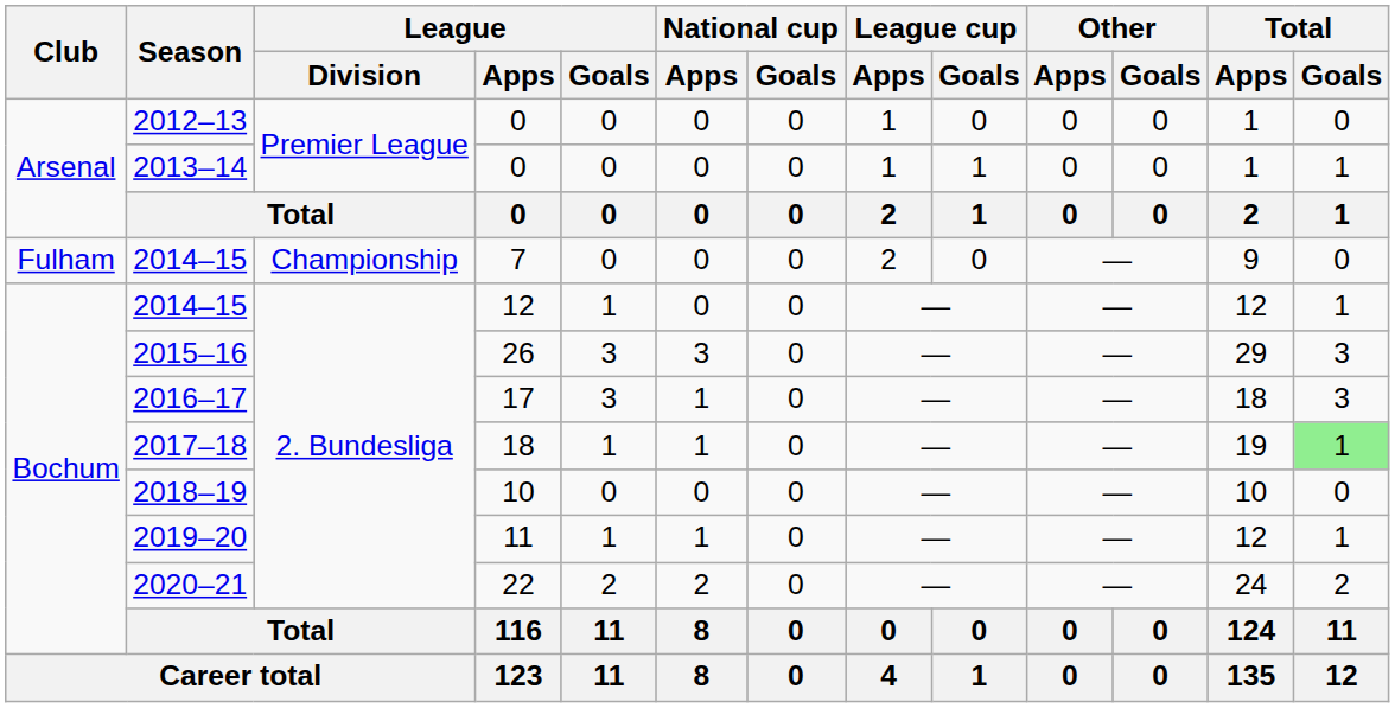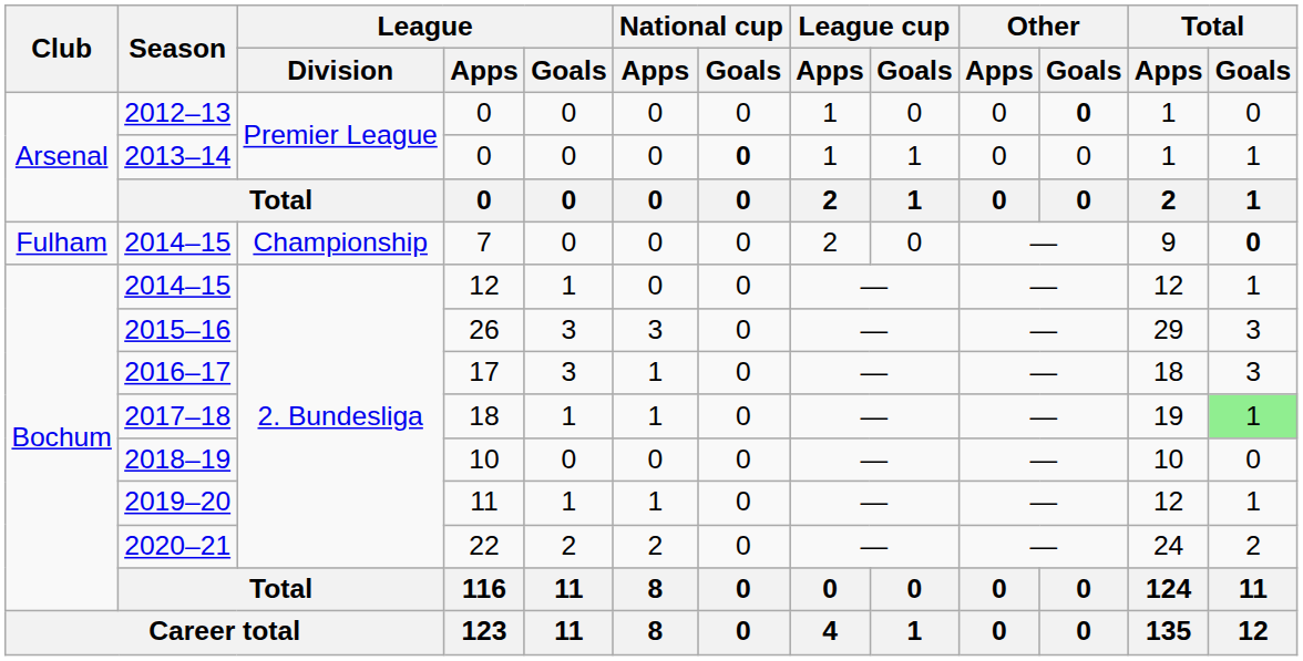 <table class="wikitable" style="text-align:center">
 <tr>
 <th rowspan="2">Club</th>
 <th rowspan="2">Season</th>
 <th colspan="3">League</th>
 <th colspan="2">National cup</th>
 <th colspan="2">League cup</th>
 <th colspan="2">Other</th>
 <th colspan="2">Total</th>
 </tr>
 <tr>
 <th>Division</th>
 <th>Apps</th>
 <th>Goals</th>
 <th>Apps</th>
 <th>Goals</th>
 <th>Apps</th>
 <th>Goals</th>
 <th>Apps</th>
 <th>Goals</th>
 <th>Apps</th>
 <th>Goals</th>
 </tr>
 <tr>
 <td rowspan="3"><a href='#'>Arsenal</a></td>
 <td><a href='#'>2012–13</a></td>
 <td rowspan="2"><a href='#'>Premier League</a></td>
 <td>0</td>
 <td>0</td>
 <td>0</td>
 <td>0</td>
 <td>1</td>
 <td>0</td>
 <td>0</td>
-<td>0</td>
+<td><strong>0</strong></td>
 <td>1</td>
 <td>0</td>
 </tr>
 <tr>
 <td><a href='#'>2013–14</a></td>
 <td>0</td>
 <td>0</td>
 <td>0</td>
-<td>0</td>
+<td><strong>0</strong></td>
 <td>1</td>
 <td>1</td>
 <td>0</td>
 <td>0</td>
 <td>1</td>
 <td>1</td>
 </tr>
 <tr>
 <th colspan="2">Total</th>
 <th>0</th>
 <th>0</th>
 <th>0</th>
 <th>0</th>
 <th>2</th>
 <th>1</th>
 <th>0</th>
 <th>0</th>
 <th>2</th>
 <th>1</th>
 </tr>
 <tr>
 <td><a href='#'>Fulham</a></td>
 <td><a href='#'>2014–15</a></td>
 <td><a href='#'>Championship</a></td>
 <td>7</td>
 <td>0</td>
 <td>0</td>
 <td>0</td>
 <td>2</td>
 <td>0</td>
 <td colspan="2">—</td>
 <td>9</td>
-<td>0</td>
+<td><strong>0</strong></td>
 </tr>
 <tr>
 <td rowspan="8"><a href='#'>Bochum</a></td>
 <td><a href='#'>2014–15</a></td>
 <td rowspan="7"><a href='#'>2. Bundesliga</a></td>
 <td>12</td>
 <td>1</td>
 <td>0</td>
 <td>0</td>
 <td colspan="2">—</td>
 <td colspan="2">—</td>
 <td>12</td>
 <td>1</td>
 </tr>
 <tr>
 <td><a href='#'>2015–16</a></td>
 <td>26</td>
 <td>3</td>
 <td>3</td>
 <td>0</td>
 <td colspan="2">—</td>
 <td colspan="2">—</td>
 <td>29</td>
 <td>3</td>
 </tr>
 <tr>
 <td><a href='#'>2016–17</a></td>
 <td>17</td>
 <td>3</td>
 <td>1</td>
 <td>0</td>
 <td colspan="2">—</td>
 <td colspan="2">—</td>
 <td>18</td>
 <td>3</td>
 </tr>
 <tr>
 <td><a href='#'>2017–18</a></td>
 <td>18</td>
 <td>1</td>
 <td>1</td>
 <td>0</td>
 <td colspan="2">—</td>
 <td colspan="2">—</td>
 <td>19</td>
 <td style="background: lightgreen;">1</td>
 </tr>
 <tr>
 <td><a href='#'>2018–19</a></td>
 <td>10</td>
 <td>0</td>
 <td>0</td>
 <td>0</td>
 <td colspan="2">—</td>
 <td colspan="2">—</td>
 <td>10</td>
 <td>0</td>
 </tr>
 <tr>
 <td><a href='#'>2019–20</a></td>
 <td>11</td>
 <td>1</td>
 <td>1</td>
 <td>0</td>
 <td colspan="2">—</td>
 <td colspan="2">—</td>
 <td>12</td>
 <td>1</td>
 </tr>
 <tr>
 <td><a href='#'>2020–21</a></td>
 <td>22</td>
 <td>2</td>
 <td>2</td>
 <td>0</td>
 <td colspan="2">—</td>
 <td colspan="2">—</td>
 <td>24</td>
 <td>2</td>
 </tr>
 <tr>
 <th colspan="2">Total</th>
 <th>116</th>
 <th>11</th>
 <th>8</th>
 <th>0</th>
 <th>0</th>
 <th>0</th>
 <th>0</th>
 <th>0</th>
 <th>124</th>
 <th>11</th>
 </tr>
 <tr>
 <th colspan="3">Career total</th>
 <th>123</th>
 <th>11</th>
 <th>8</th>
 <th>0</th>
 <th>4</th>
 <th>1</th>
 <th>0</th>
 <th>0</th>
 <th>135</th>
 <th>12</th>
 </tr>
 </table>
